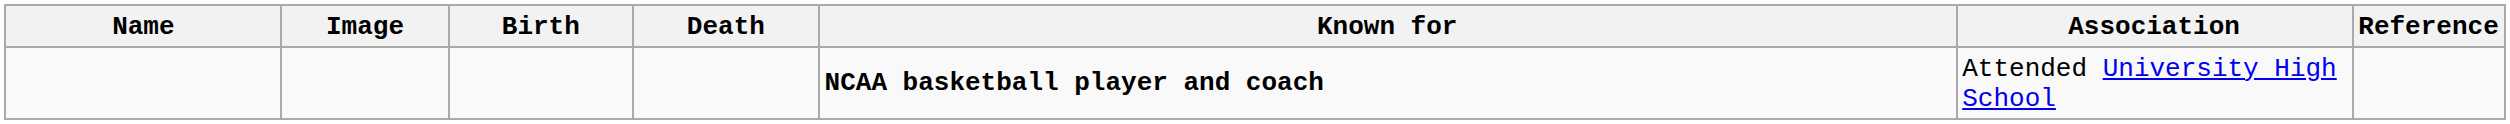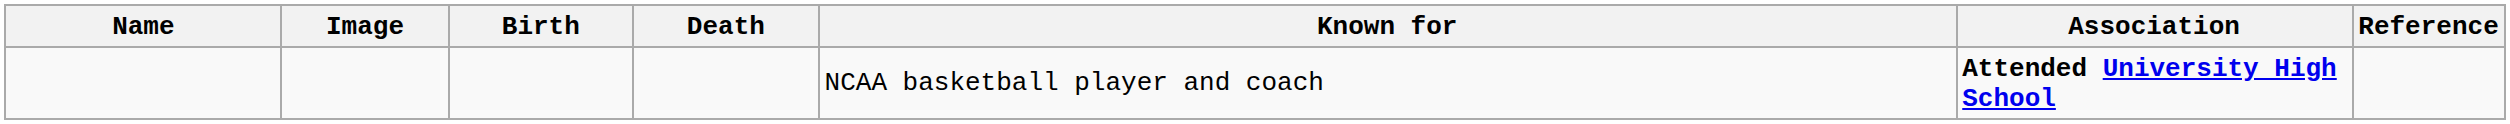 <table class="wikitable sortable">
 <tr>
 <th scope="col" width="140">Name</th>
 <th scope="col" width="80" class="unsortable">Image</th>
 <th scope="col" width="90">Birth</th>
 <th scope="col" width="90">Death</th>
 <th scope="col" width="600" class="unsortable">Known for</th>
 <th scope="col" width="200" class="unsortable">Association</th>
 <th scope="col" width="30" class="unsortable">Reference</th>
 </tr>
 <tr>
 <td></td>
 <td></td>
 <td align=right></td>
 <td></td>
-<td><strong>NCAA basketball player and coach</strong></td>
-<td>Attended <a href='#'>University High School</a></td>
+<td>NCAA basketball player and coach</td>
+<td><strong>Attended <a href='#'>University High School</a></strong></td>
 <td align="center"></td>
 </tr>
 <tr>
 </tr>
 </table>
